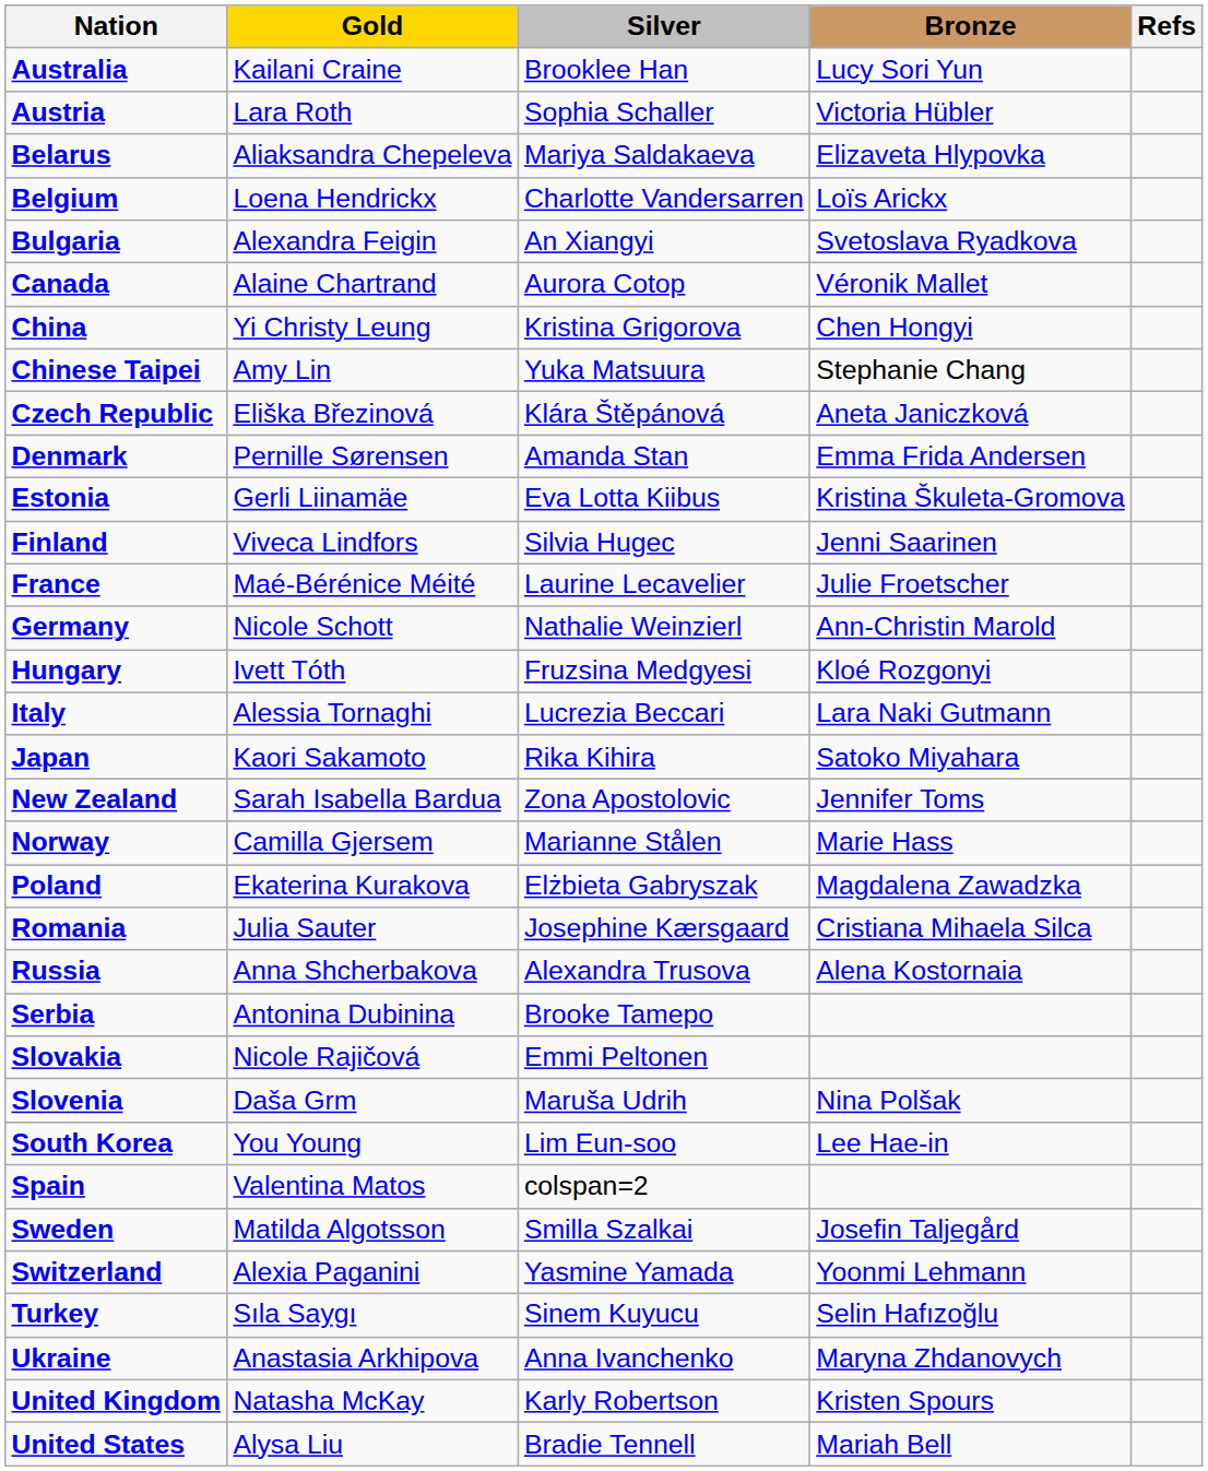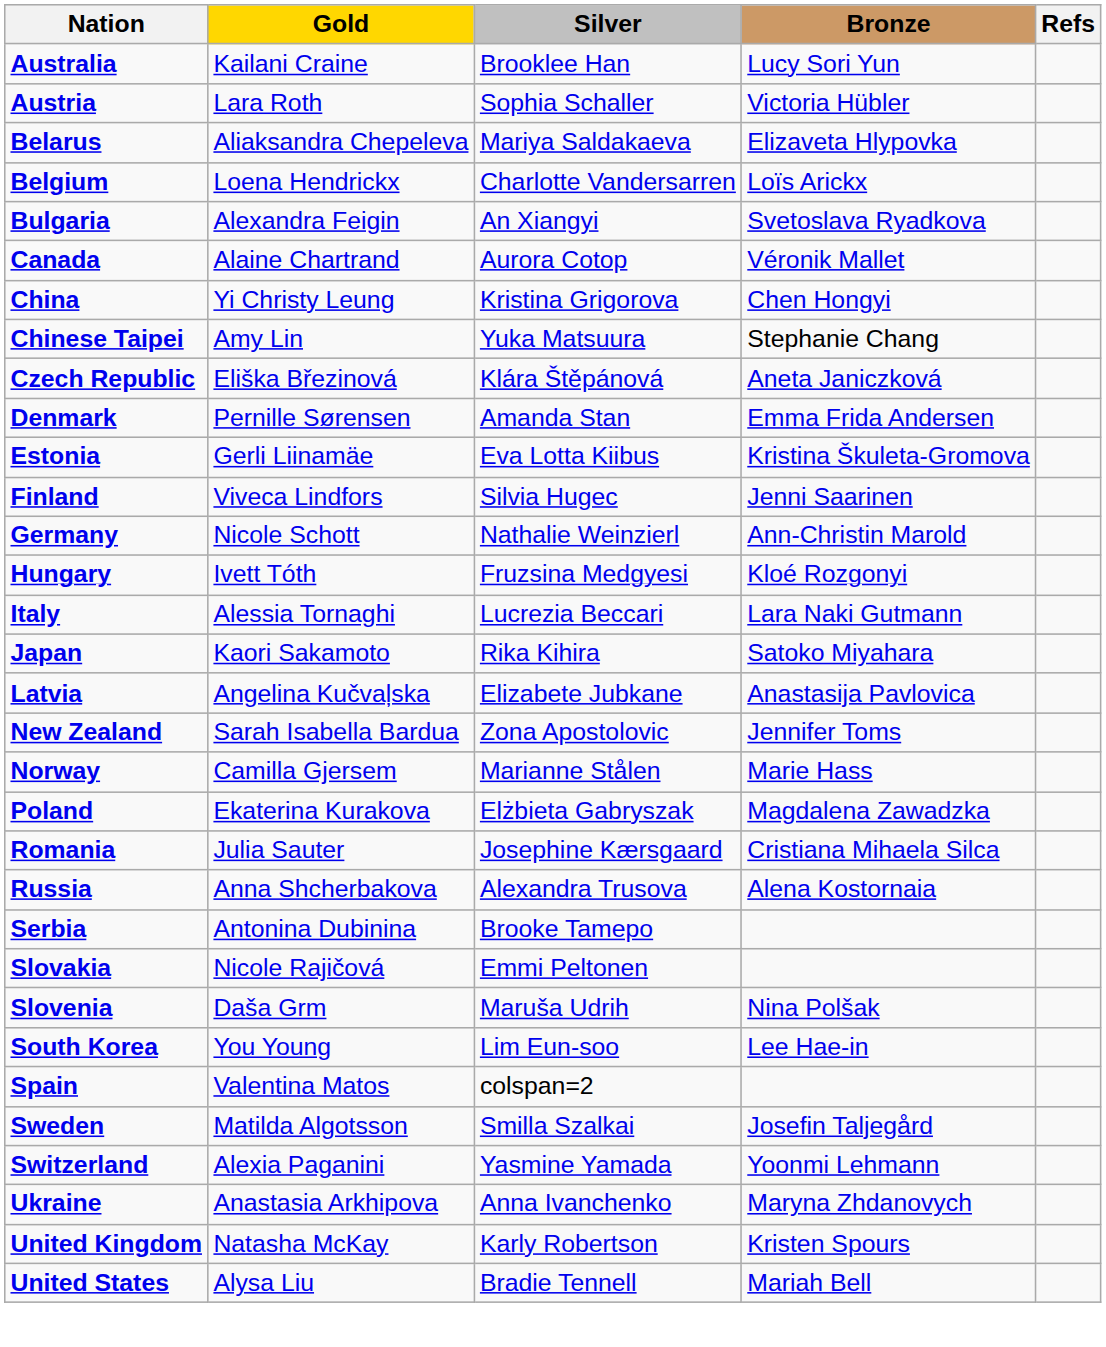 <table class="wikitable">
 <tr>
 <th>Nation</th>
 <td style="text-align:center; background:gold;"><strong>Gold</strong></td>
 <td style="text-align:center; background:silver;"><strong>Silver</strong></td>
 <td style="text-align:center; background:#c96;"><strong>Bronze</strong></td>
 <th>Refs</th>
 </tr>
 <tr>
 <td><strong><a href='#'>Australia</a></strong></td>
 <td><a href='#'>Kailani Craine</a></td>
 <td><a href='#'>Brooklee Han</a></td>
 <td><a href='#'>Lucy Sori Yun</a></td>
 <td></td>
 </tr>
 <tr>
 <td><strong><a href='#'>Austria</a></strong></td>
 <td><a href='#'>Lara Roth</a></td>
 <td><a href='#'>Sophia Schaller</a></td>
 <td><a href='#'>Victoria Hübler</a></td>
 <td></td>
 </tr>
 <tr>
 <td><strong><a href='#'>Belarus</a></strong></td>
 <td><a href='#'>Aliaksandra Chepeleva</a></td>
 <td><a href='#'>Mariya Saldakaeva</a></td>
 <td><a href='#'>Elizaveta Hlypovka</a></td>
 <td></td>
 </tr>
 <tr>
 <td><strong><a href='#'>Belgium</a></strong></td>
 <td><a href='#'>Loena Hendrickx</a></td>
 <td><a href='#'>Charlotte Vandersarren</a></td>
 <td><a href='#'>Loïs Arickx</a></td>
 <td></td>
 </tr>
 <tr>
 <td><strong><a href='#'>Bulgaria</a></strong></td>
 <td><a href='#'>Alexandra Feigin</a></td>
 <td><a href='#'>An Xiangyi</a></td>
 <td><a href='#'>Svetoslava Ryadkova</a></td>
 <td></td>
 </tr>
 <tr>
 <td><strong><a href='#'>Canada</a></strong></td>
 <td><a href='#'>Alaine Chartrand</a></td>
 <td><a href='#'>Aurora Cotop</a></td>
 <td><a href='#'>Véronik Mallet</a></td>
 <td></td>
 </tr>
 <tr>
 <td><strong><a href='#'>China</a></strong></td>
 <td><a href='#'>Yi Christy Leung</a></td>
 <td><a href='#'>Kristina Grigorova</a></td>
 <td><a href='#'>Chen Hongyi</a></td>
 <td></td>
 </tr>
 <tr>
 <td><strong> <a href='#'>Chinese Taipei</a></strong></td>
 <td><a href='#'>Amy Lin</a></td>
 <td><a href='#'>Yuka Matsuura</a></td>
 <td>Stephanie Chang</td>
 <td></td>
 </tr>
 <tr>
 <td><strong><a href='#'>Czech Republic</a></strong></td>
 <td><a href='#'>Eliška Březinová</a></td>
 <td><a href='#'>Klára Štěpánová</a></td>
 <td><a href='#'>Aneta Janiczková</a></td>
 <td></td>
 </tr>
 <tr>
 <td><strong><a href='#'>Denmark</a></strong></td>
 <td><a href='#'>Pernille Sørensen</a></td>
 <td><a href='#'>Amanda Stan</a></td>
 <td><a href='#'>Emma Frida Andersen</a></td>
 <td></td>
 </tr>
 <tr>
 <td><strong><a href='#'>Estonia</a></strong></td>
 <td><a href='#'>Gerli Liinamäe</a></td>
 <td><a href='#'>Eva Lotta Kiibus</a></td>
 <td><a href='#'>Kristina Škuleta-Gromova</a></td>
 <td></td>
 </tr>
 <tr>
 <td><strong><a href='#'>Finland</a></strong></td>
 <td><a href='#'>Viveca Lindfors</a></td>
 <td><a href='#'>Silvia Hugec</a></td>
 <td><a href='#'>Jenni Saarinen</a></td>
 <td></td>
 </tr>
 <tr>
-<td><strong><a href='#'>France</a></strong></td>
-<td><a href='#'>Maé-Bérénice Méité</a></td>
-<td><a href='#'>Laurine Lecavelier</a></td>
-<td><a href='#'>Julie Froetscher</a></td>
-<td></td>
-</tr>
-<tr>
 <td><strong><a href='#'>Germany</a></strong></td>
 <td><a href='#'>Nicole Schott</a></td>
 <td><a href='#'>Nathalie Weinzierl</a></td>
 <td><a href='#'>Ann-Christin Marold</a></td>
 <td></td>
 </tr>
 <tr>
 <td><strong><a href='#'>Hungary</a></strong></td>
 <td><a href='#'>Ivett Tóth</a></td>
 <td><a href='#'>Fruzsina Medgyesi</a></td>
 <td><a href='#'>Kloé Rozgonyi</a></td>
 <td></td>
 </tr>
 <tr>
 <td><strong><a href='#'>Italy</a></strong></td>
 <td><a href='#'>Alessia Tornaghi</a></td>
 <td><a href='#'>Lucrezia Beccari</a></td>
 <td><a href='#'>Lara Naki Gutmann</a></td>
 <td></td>
 </tr>
 <tr>
 <td><strong><a href='#'>Japan</a></strong></td>
 <td><a href='#'>Kaori Sakamoto</a></td>
 <td><a href='#'>Rika Kihira</a></td>
 <td><a href='#'>Satoko Miyahara</a></td>
+<td></td>
+</tr>
+<tr>
+<td><strong><a href='#'>Latvia</a></strong></td>
+<td><a href='#'>Angelina Kučvaļska</a></td>
+<td><a href='#'>Elizabete Jubkane</a></td>
+<td><a href='#'>Anastasija Pavlovica</a></td>
 <td></td>
 </tr>
 <tr>
 <td><strong><a href='#'>New Zealand</a></strong></td>
 <td><a href='#'>Sarah Isabella Bardua</a></td>
 <td><a href='#'>Zona Apostolovic</a></td>
 <td><a href='#'>Jennifer Toms</a></td>
 <td></td>
 </tr>
 <tr>
 <td><strong><a href='#'>Norway</a></strong></td>
 <td><a href='#'>Camilla Gjersem</a></td>
 <td><a href='#'>Marianne Stålen</a></td>
 <td><a href='#'>Marie Hass</a></td>
 <td></td>
 </tr>
 <tr>
 <td><strong><a href='#'>Poland</a></strong></td>
 <td><a href='#'>Ekaterina Kurakova</a></td>
 <td><a href='#'>Elżbieta Gabryszak</a></td>
 <td><a href='#'>Magdalena Zawadzka</a></td>
 <td></td>
 </tr>
 <tr>
 <td><strong><a href='#'>Romania</a></strong></td>
 <td><a href='#'>Julia Sauter</a></td>
 <td><a href='#'>Josephine Kærsgaard</a></td>
 <td><a href='#'>Cristiana Mihaela Silca</a></td>
 <td></td>
 </tr>
 <tr>
 <td><strong><a href='#'>Russia</a></strong></td>
 <td><a href='#'>Anna Shcherbakova</a></td>
 <td><a href='#'>Alexandra Trusova</a></td>
 <td><a href='#'>Alena Kostornaia</a></td>
 <td></td>
 </tr>
 <tr>
 <td><strong><a href='#'>Serbia</a></strong></td>
 <td><a href='#'>Antonina Dubinina</a></td>
 <td><a href='#'>Brooke Tamepo</a></td>
 <td></td>
 <td></td>
 </tr>
 <tr>
 <td><strong><a href='#'>Slovakia</a></strong></td>
 <td><a href='#'>Nicole Rajičová</a></td>
 <td><a href='#'>Emmi Peltonen</a></td>
 <td></td>
 <td></td>
 </tr>
 <tr>
 <td><strong><a href='#'>Slovenia</a></strong></td>
 <td><a href='#'>Daša Grm</a></td>
 <td><a href='#'>Maruša Udrih</a></td>
 <td><a href='#'>Nina Polšak</a></td>
 <td></td>
 </tr>
 <tr>
 <td><strong><a href='#'>South Korea</a></strong></td>
 <td><a href='#'>You Young</a></td>
 <td><a href='#'>Lim Eun-soo</a></td>
 <td><a href='#'>Lee Hae-in</a></td>
 <td></td>
 </tr>
 <tr>
 <td><strong><a href='#'>Spain</a></strong></td>
 <td><a href='#'>Valentina Matos</a></td>
 <td>colspan=2 </td>
 <td></td>
 </tr>
 <tr>
 <td><strong><a href='#'>Sweden</a></strong></td>
 <td><a href='#'>Matilda Algotsson</a></td>
 <td><a href='#'>Smilla Szalkai</a></td>
 <td><a href='#'>Josefin Taljegård</a></td>
 <td></td>
 </tr>
 <tr>
 <td><strong><a href='#'>Switzerland</a></strong></td>
 <td><a href='#'>Alexia Paganini</a></td>
 <td><a href='#'>Yasmine Yamada</a></td>
 <td><a href='#'>Yoonmi Lehmann</a></td>
 <td></td>
 </tr>
 <tr>
-<td><strong><a href='#'>Turkey</a></strong></td>
-<td><a href='#'>Sıla Saygı</a></td>
-<td><a href='#'>Sinem Kuyucu</a></td>
-<td><a href='#'>Selin Hafızoğlu</a></td>
-<td></td>
-</tr>
-<tr>
 <td><strong><a href='#'>Ukraine</a></strong></td>
 <td><a href='#'>Anastasia Arkhipova</a></td>
 <td><a href='#'>Anna Ivanchenko</a></td>
 <td><a href='#'>Maryna Zhdanovych</a></td>
 <td></td>
 </tr>
 <tr>
 <td><strong><a href='#'>United Kingdom</a></strong></td>
 <td><a href='#'>Natasha McKay</a></td>
 <td><a href='#'>Karly Robertson</a></td>
 <td><a href='#'>Kristen Spours</a></td>
 <td></td>
 </tr>
 <tr>
 <td><strong><a href='#'>United States</a></strong></td>
 <td><a href='#'>Alysa Liu</a></td>
 <td><a href='#'>Bradie Tennell</a></td>
 <td><a href='#'>Mariah Bell</a></td>
 <td></td>
 </tr>
 </table>
